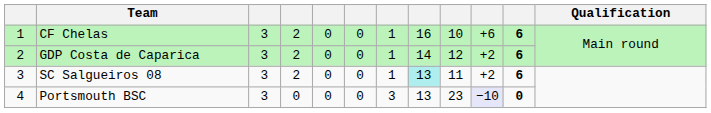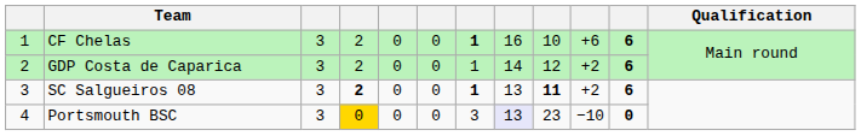 <table class="wikitable" style="font-size: 95%">
 <tr>
 <th width="25"></th>
 <th width="200">Team</th>
 <th width="25"></th>
 <th width="25"></th>
 <th width="25"></th>
 <th width="25"></th>
 <th width="25"></th>
 <th width="25"></th>
 <th width="25"></th>
 <th width="25"></th>
 <th width="25"></th>
 <th width="160">Qualification</th>
 </tr>
 <tr align=center bgcolor=#bbf3bb>
 <td>1</td>
 <td align=left> CF Chelas</td>
 <td>3</td>
 <td>2</td>
 <td>0</td>
 <td>0</td>
-<td>1</td>
+<td><strong>1</strong></td>
 <td>16</td>
 <td>10</td>
 <td>+6</td>
 <td><strong>6</strong></td>
 <td rowspan=2>Main round</td>
 </tr>
 <tr align=center bgcolor=#bbf3bb>
 <td>2</td>
 <td align=left> GDP Costa de Caparica</td>
 <td>3</td>
 <td>2</td>
 <td>0</td>
 <td>0</td>
 <td>1</td>
 <td>14</td>
 <td>12</td>
 <td>+2</td>
 <td><strong>6</strong></td>
 </tr>
 <tr align=center>
 <td>3</td>
 <td align=left> SC Salgueiros 08</td>
 <td>3</td>
-<td>2</td>
+<td><strong>2</strong></td>
 <td>0</td>
 <td>0</td>
-<td>1</td>
-<td style="background: paleturquoise;">13</td>
-<td>11</td>
+<td><strong>1</strong></td>
+<td>13</td>
+<td><strong>11</strong></td>
 <td>+2</td>
 <td><strong>6</strong></td>
 <td rowspan=2></td>
 </tr>
 <tr align=center>
 <td>4</td>
 <td align=left> Portsmouth BSC</td>
 <td>3</td>
-<td>0</td>
+<td style="background: gold;">0</td>
 <td>0</td>
 <td>0</td>
 <td>3</td>
-<td>13</td>
+<td style="background: lavender;">13</td>
 <td>23</td>
-<td style="background: lavender;">−10</td>
+<td>−10</td>
 <td><strong>0</strong></td>
 </tr>
 </table>
